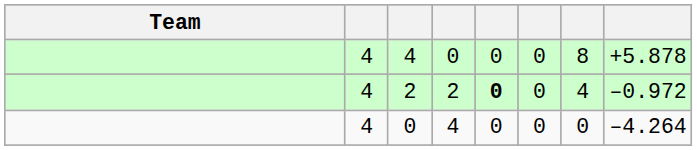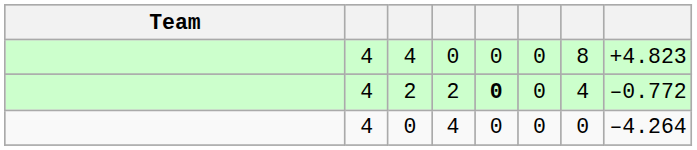 <table class="wikitable" style="text-align:center">
 <tr>
 <th width=200>Team</th>
 <th width=20></th>
 <th width=20></th>
 <th width=20></th>
 <th width=20></th>
 <th width=20></th>
 <th width=20></th>
 <th width=45></th>
 </tr>
 <tr bgcolor=ccffcc>
 <td align="left"></td>
 <td>4</td>
 <td>4</td>
 <td>0</td>
 <td>0</td>
 <td>0</td>
 <td>8</td>
-<td>+5.878</td>
+<td>+4.823</td>
 </tr>
 <tr bgcolor=ccffcc>
 <td align="left"></td>
 <td>4</td>
 <td>2</td>
 <td>2</td>
 <td><strong>0</strong></td>
 <td>0</td>
 <td>4</td>
-<td>–0.972</td>
+<td>–0.772</td>
 </tr>
 <tr>
 <td align="left"></td>
 <td>4</td>
 <td>0</td>
 <td>4</td>
 <td>0</td>
 <td>0</td>
 <td>0</td>
 <td>–4.264</td>
 </tr>
 </table>
